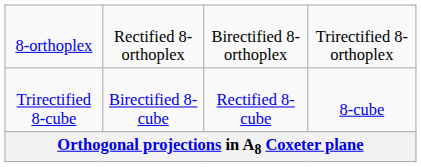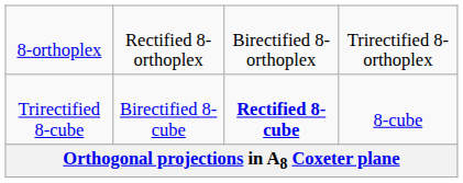 <table class=wikitable align=right width=400 style="margin-left:1em;">
 <tr align=center>
 <td><br><a href='#'>8-orthoplex</a><br></td>
 <td><br>Rectified 8-orthoplex<br></td>
 <td><br>Birectified 8-orthoplex<br></td>
 <td><br>Trirectified 8-orthoplex<br></td>
 </tr>
 <tr align=center>
 <td><br><a href='#'>Trirectified 8-cube</a><br></td>
 <td><br><a href='#'>Birectified 8-cube</a><br></td>
-<td><br><a href='#'>Rectified 8-cube</a><br></td>
+<td><strong><br><a href='#'>Rectified 8-cube</a><br></strong></td>
 <td><br><a href='#'>8-cube</a><br></td>
 </tr>
 <tr>
 <th colspan=4><a href='#'>Orthogonal projections</a> in A<sub>8</sub> <a href='#'>Coxeter plane</a></th>
 </tr>
 </table>
